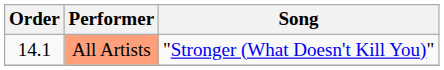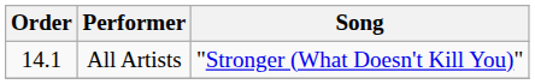 <table class="wikitable" style="text-align:center;">
 <tr>
 <th>Order</th>
 <th>Performer</th>
 <th>Song</th>
 </tr>
 <tr>
 <td>14.1</td>
-<td style="background: lightsalmon;">All Artists</td>
+<td>All Artists</td>
 <td>"<a href='#'>Stronger (What Doesn't Kill You)</a>"</td>
 </tr>
 <tr>
 </tr>
 </table>
